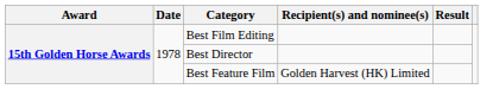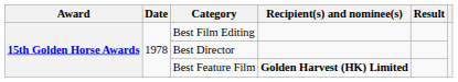 <table class="wikitable plainrowheaders sortable">
 <tr style="background:#ccc; text-align:center;">
 <th scope="col">Award</th>
 <th scope="col">Date</th>
 <th scope="col">Category</th>
 <th scope="col">Recipient(s) and nominee(s)</th>
 <th scope="col">Result</th>
 <th scope="col" class="unsortable"></th>
 </tr>
 <tr>
 <th rowspan="3"><a href='#'>15th Golden Horse Awards</a></th>
 <td rowspan="3">1978</td>
 <td>Best Film Editing</td>
 <td></td>
 <td></td>
 <td rowspan="3"></td>
 </tr>
 <tr>
 <td>Best Director</td>
 <td></td>
 <td></td>
 </tr>
 <tr>
 <td>Best Feature Film</td>
-<td>Golden Harvest (HK) Limited</td>
+<td><strong>Golden Harvest (HK) Limited</strong></td>
 <td></td>
 </tr>
 </table>
